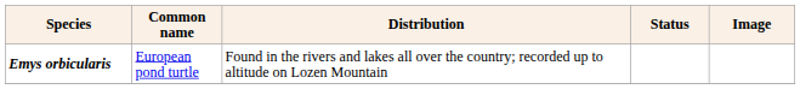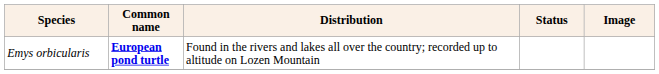 <table class="sortable wikitable plainrowheaders" border="0" style="background:#ffffff" align="top" class="sortable wikitable">
 <tr ->
 <th scope="col" style="background-color:Linen; color:Black" width=150 px>Species</th>
 <th scope="col" style="background-color:Linen; color:Black" width=100 px>Common name</th>
 <th scope="col" style="background:Linen; color:Black" width=550 px>Distribution</th>
 <th scope="col" style="background-color:Linen; color:Black" width=90 px>Status</th>
 <th scope="col" style="background:Linen; color:Black" width=100 px>Image</th>
 </tr>
 <tr>
-<td !scope="row" style="background:#ffffff"><strong><em>Emys orbicularis</em></strong></td>
-<td><a href='#'>European pond turtle</a></td>
+<td !scope="row" style="background:#ffffff"><em>Emys orbicularis</em></td>
+<td><strong><a href='#'>European pond turtle</a></strong></td>
 <td>Found in the rivers and lakes all over the country; recorded up to  altitude on Lozen Mountain</td>
 <td></td>
 <td></td>
 </tr>
 <tr>
 </tr>
 </table>
